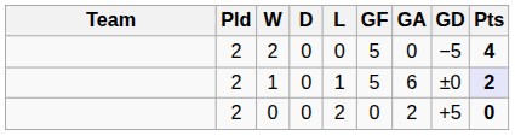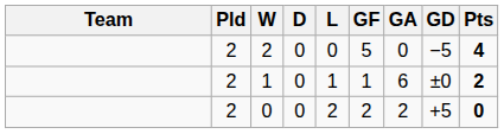 <table class="wikitable" style="text-align: center;">
 <tr>
 <th width=165>Team</th>
 <th width=20>Pld</th>
 <th width=20>W</th>
 <th width=20>D</th>
 <th width=20>L</th>
 <th width=20>GF</th>
 <th width=20>GA</th>
 <th width=20>GD</th>
 <th width=20>Pts</th>
 </tr>
 <tr>
 <td style="text-align:left;"></td>
 <td>2</td>
 <td>2</td>
 <td>0</td>
 <td>0</td>
 <td>5</td>
 <td>0</td>
 <td>−5</td>
 <td><strong>4</strong></td>
 </tr>
 <tr>
 <td style="text-align:left;"></td>
 <td>2</td>
 <td>1</td>
 <td>0</td>
 <td>1</td>
-<td>5</td>
+<td>1</td>
 <td>6</td>
 <td>±0</td>
-<td style="background: lavender;"><strong>2</strong></td>
+<td><strong>2</strong></td>
 </tr>
 <tr>
 <td style="text-align:left;"></td>
 <td>2</td>
 <td>0</td>
 <td>0</td>
 <td>2</td>
-<td>0</td>
+<td>2</td>
 <td>2</td>
 <td>+5</td>
 <td><strong>0</strong></td>
 </tr>
 </table>
